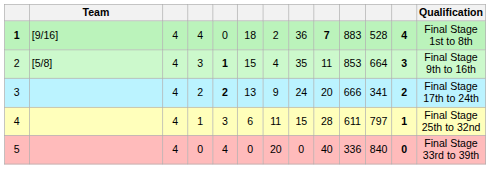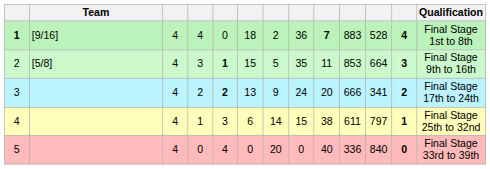 <table class=wikitable style="text-align:center" width=730>
 <tr>
 <th width=5.5%></th>
 <th width=30%>Team</th>
 <th width=5.5%></th>
 <th width=5.5%></th>
 <th width=5.5%></th>
 <th width=5.5%></th>
 <th width=5.5%></th>
 <th width=5.5%></th>
 <th width=5.5%></th>
 <th width=5.5%></th>
 <th width=5.5%></th>
 <th width=5.5%></th>
 <th width=18%>Qualification</th>
 </tr>
 <tr bgcolor=#bbf3bb>
 <td><strong>1</strong></td>
 <td style="text-align:left"> [9/16]</td>
 <td>4</td>
 <td>4</td>
 <td>0</td>
 <td>18</td>
 <td>2</td>
 <td>36</td>
 <td><strong>7</strong></td>
 <td>883</td>
 <td>528</td>
 <td><strong>4</strong></td>
 <td>Final Stage 1st to 8th</td>
 </tr>
 <tr bgcolor=#ccf9cc>
 <td>2</td>
 <td style="text-align:left"> [5/8]</td>
 <td>4</td>
 <td>3</td>
 <td><strong>1</strong></td>
 <td>15</td>
-<td>4</td>
+<td>5</td>
 <td>35</td>
 <td>11</td>
 <td>853</td>
 <td>664</td>
 <td><strong>3</strong></td>
 <td>Final Stage 9th to 16th</td>
 </tr>
 <tr bgcolor=#bbf3ff>
 <td>3</td>
 <td style="text-align:left"></td>
 <td>4</td>
 <td>2</td>
 <td><strong>2</strong></td>
 <td>13</td>
 <td>9</td>
 <td>24</td>
 <td>20</td>
 <td>666</td>
 <td>341</td>
 <td><strong>2</strong></td>
 <td>Final Stage 17th to 24th</td>
 </tr>
 <tr bgcolor=#ffffbb>
 <td>4</td>
 <td style="text-align:left"></td>
 <td>4</td>
 <td>1</td>
 <td>3</td>
 <td>6</td>
-<td>11</td>
+<td>14</td>
 <td>15</td>
-<td>28</td>
+<td>38</td>
 <td>611</td>
 <td>797</td>
 <td><strong>1</strong></td>
 <td>Final Stage 25th to 32nd</td>
 </tr>
 <tr bgcolor=#ffbbbb>
 <td>5</td>
 <td style="text-align:left"></td>
 <td>4</td>
 <td>0</td>
 <td>4</td>
 <td>0</td>
 <td>20</td>
 <td>0</td>
 <td>40</td>
 <td>336</td>
 <td>840</td>
 <td><strong>0</strong></td>
 <td>Final Stage 33rd to 39th</td>
 </tr>
 </table>
